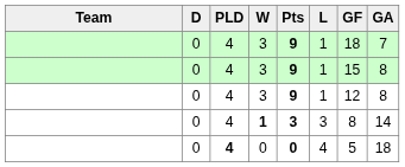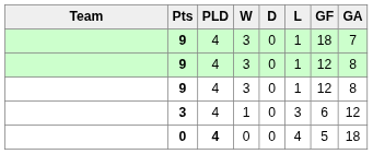 <table style=border-collapse:collapse border=1 cellspacing=0 cellpadding=5>
 <tr align=center bgcolor=#efefef>
 <th width=185>Team</th>
-<th width=20>D</th>
+<th width=20>Pts</th>
 <th width=20>PLD</th>
 <th width=20>W</th>
-<th width=20>Pts</th>
+<th width=20>D</th>
 <th width=20>L</th>
 <th width=20>GF</th>
 <th width=20>GA</th>
 </tr>
 <tr align=center bgcolor=#ccffcc>
 <td style="text-align:left;"></td>
-<td>0</td>
+<td><strong>9</strong></td>
 <td>4</td>
 <td>3</td>
-<td><strong>9</strong></td>
+<td>0</td>
 <td>1</td>
 <td>18</td>
 <td>7</td>
 </tr>
 <tr align=center bgcolor=#ccffcc>
 <td style="text-align:left;"></td>
-<td>0</td>
+<td><strong>9</strong></td>
 <td>4</td>
 <td>3</td>
-<td><strong>9</strong></td>
-<td>1</td>
-<td>15</td>
-<td>8</td>
-</tr>
-<tr align=center>
-<td style="text-align:left;"></td>
 <td>0</td>
-<td>4</td>
-<td>3</td>
-<td><strong>9</strong></td>
 <td>1</td>
 <td>12</td>
 <td>8</td>
 </tr>
 <tr align=center>
 <td style="text-align:left;"></td>
+<td><strong>9</strong></td>
+<td>4</td>
+<td>3</td>
 <td>0</td>
-<td>4</td>
-<td><strong>1</strong></td>
-<td><strong>3</strong></td>
-<td>3</td>
+<td>1</td>
+<td>12</td>
 <td>8</td>
-<td>14</td>
 </tr>
 <tr align=center>
 <td style="text-align:left;"></td>
+<td><strong>3</strong></td>
+<td>4</td>
+<td>1</td>
 <td>0</td>
+<td>3</td>
+<td>6</td>
+<td>12</td>
+</tr>
+<tr align=center>
+<td style="text-align:left;"></td>
+<td><strong>0</strong></td>
 <td><strong>4</strong></td>
 <td>0</td>
-<td><strong>0</strong></td>
+<td>0</td>
 <td>4</td>
 <td>5</td>
 <td>18</td>
 </tr>
 </table>
